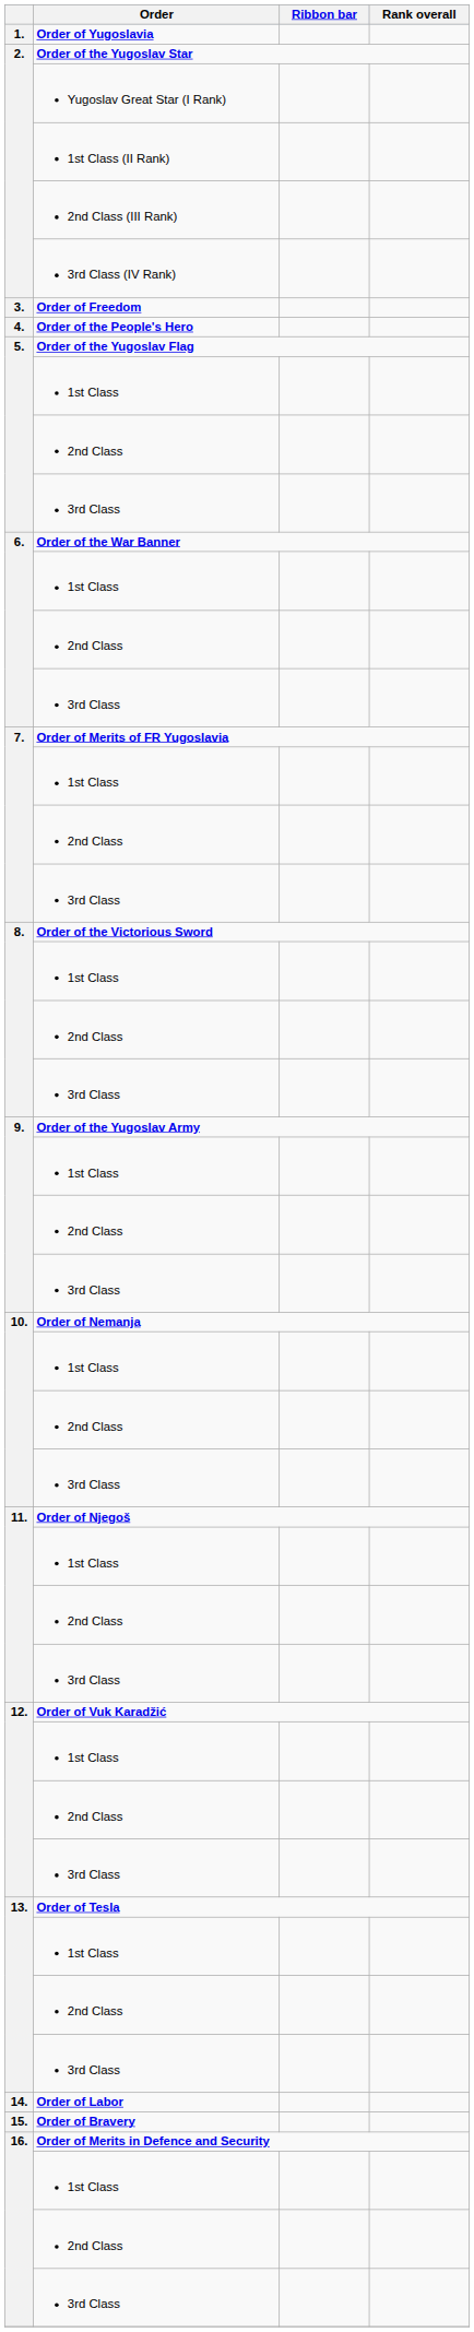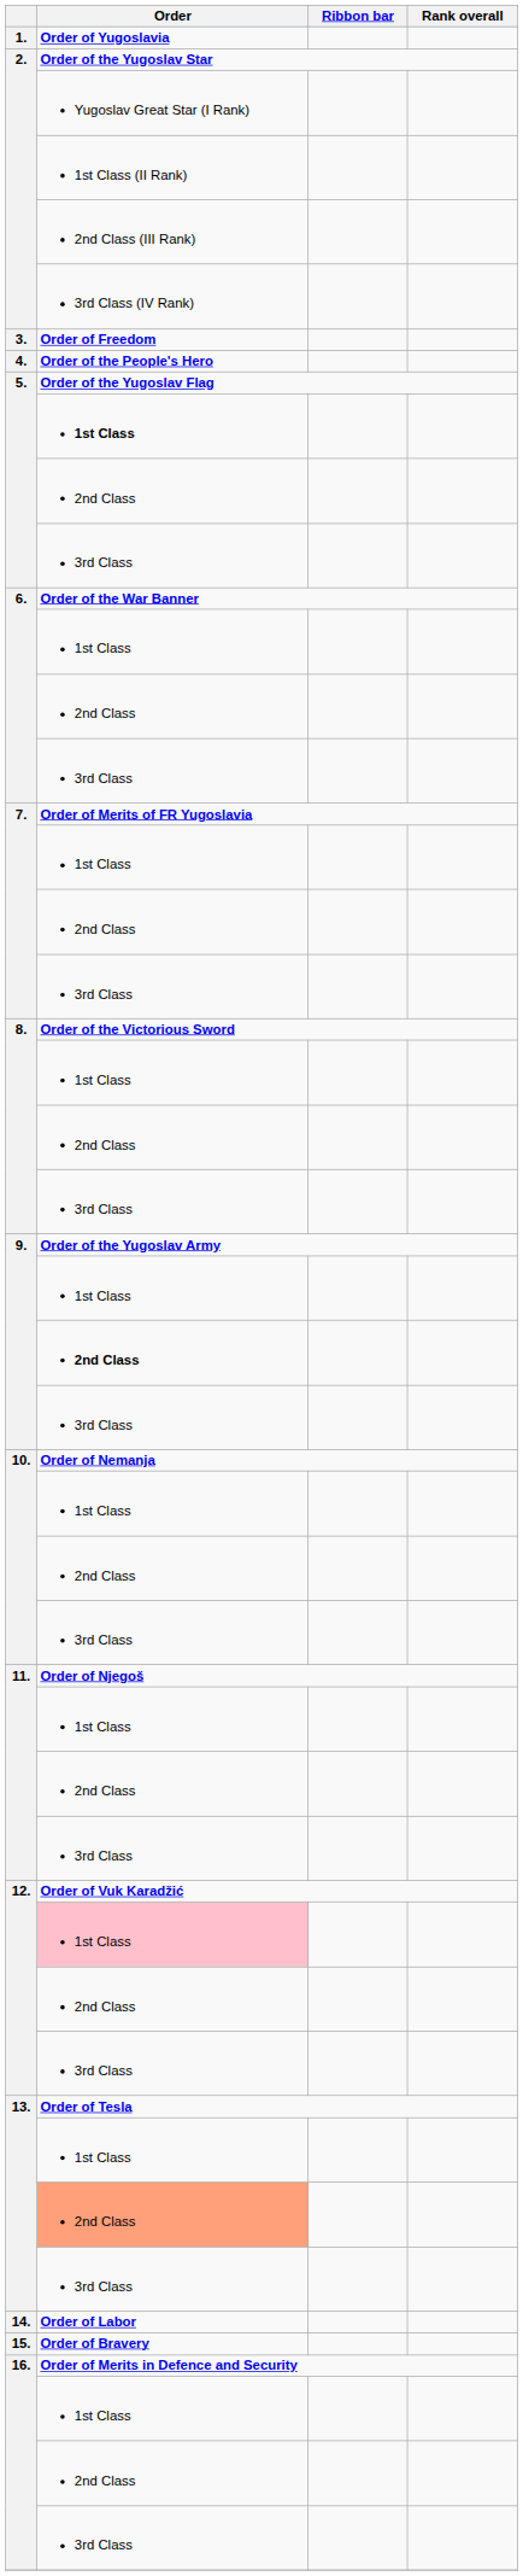 <table class="wikitable" width=600px>
 <tr align="center" bgcolor="lightsteelblue">
 <th></th>
 <th>Order</th>
 <th><a href='#'>Ribbon bar</a></th>
 <th>Rank overall</th>
 </tr>
 <tr>
 <th>1.</th>
 <td><strong><a href='#'>Order of Yugoslavia</a></strong></td>
 <td rowspan="1"></td>
 <td></td>
 </tr>
 <tr>
 <th valign="top" rowspan = 5>2.</th>
 <td colspan="3" valign="top"><strong><a href='#'>Order of the Yugoslav Star</a></strong></td>
 </tr>
 <tr f>
 <td><br><ul><li>Yugoslav Great Star (I Rank)</li></ul></td>
 <td rowspan="1"></td>
 <td></td>
 </tr>
 <tr>
 <td><br><ul><li>1st Class (II Rank)</li></ul></td>
 <td></td>
 <td></td>
 </tr>
 <tr>
 <td><br><ul><li>2nd Class (III Rank)</li></ul></td>
 <td></td>
 <td></td>
 </tr>
 <tr>
 <td><br><ul><li>3rd Class (IV Rank)</li></ul></td>
 <td></td>
 <td></td>
 </tr>
 <tr>
 <th valign="top">3.</th>
 <td valign="top"><strong><a href='#'>Order of Freedom</a></strong></td>
 <td></td>
 <td></td>
 </tr>
 <tr>
 <th valign="top">4.</th>
 <td valign="top"><strong><a href='#'>Order of the People's Hero</a></strong></td>
 <td></td>
 <td></td>
 </tr>
 <tr>
 <th valign="top" rowspan = 4>5.</th>
 <td colspan="3" valign="top"><strong><a href='#'>Order of the Yugoslav Flag</a></strong></td>
 </tr>
 <tr>
-<td><br><ul><li>1st Class</li></ul></td>
+<td><strong><br><ul><li>1st Class</li></ul></strong></td>
 <td></td>
 <td></td>
 </tr>
 <tr>
 <td><br><ul><li>2nd Class</li></ul></td>
 <td></td>
 <td></td>
 </tr>
 <tr>
 <td><br><ul><li>3rd Class</li></ul></td>
 <td></td>
 <td></td>
 </tr>
 <tr>
 <th valign="top" rowspan = 4>6.</th>
 <td colspan="3" valign="top"><strong><a href='#'>Order of the War Banner</a></strong></td>
 </tr>
 <tr>
 <td><br><ul><li>1st Class</li></ul></td>
 <td></td>
 <td></td>
 </tr>
 <tr>
 <td><br><ul><li>2nd Class</li></ul></td>
 <td></td>
 <td></td>
 </tr>
 <tr>
 <td><br><ul><li>3rd Class</li></ul></td>
 <td></td>
 <td></td>
 </tr>
 <tr>
 <th valign="top" rowspan = 4>7.</th>
 <td colspan="3" valign="top"><strong><a href='#'>Order of Merits of FR Yugoslavia</a></strong></td>
 </tr>
 <tr>
 <td><br><ul><li>1st Class</li></ul></td>
 <td></td>
 <td></td>
 </tr>
 <tr>
 <td><br><ul><li>2nd Class</li></ul></td>
 <td></td>
 <td></td>
 </tr>
 <tr>
 <td><br><ul><li>3rd Class</li></ul></td>
 <td></td>
 <td></td>
 </tr>
 <tr>
 <th valign="top" rowspan = 4>8.</th>
 <td colspan="3" valign="top"><strong><a href='#'>Order of the Victorious Sword</a></strong></td>
 </tr>
 <tr>
 <td><br><ul><li>1st Class</li></ul></td>
 <td></td>
 <td></td>
 </tr>
 <tr>
 <td><br><ul><li>2nd Class</li></ul></td>
 <td></td>
 <td></td>
 </tr>
 <tr>
 <td><br><ul><li>3rd Class</li></ul></td>
 <td></td>
 <td></td>
 </tr>
 <tr>
 <th valign="top" rowspan = 4>9.</th>
 <td colspan="3" valign="top"><strong><a href='#'>Order of the Yugoslav Army</a></strong></td>
 </tr>
 <tr>
 <td><br><ul><li>1st Class</li></ul></td>
 <td></td>
 <td></td>
 </tr>
 <tr>
-<td><br><ul><li>2nd Class</li></ul></td>
+<td><strong><br><ul><li>2nd Class</li></ul></strong></td>
 <td></td>
 <td></td>
 </tr>
 <tr>
 <td><br><ul><li>3rd Class</li></ul></td>
 <td></td>
 <td></td>
 </tr>
 <tr>
 <th valign="top" rowspan = 4>10.</th>
 <td colspan="3" valign="top"><strong><a href='#'>Order of Nemanja</a></strong></td>
 </tr>
 <tr>
 <td><br><ul><li>1st Class</li></ul></td>
 <td></td>
 <td></td>
 </tr>
 <tr>
 <td><br><ul><li>2nd Class</li></ul></td>
 <td></td>
 <td></td>
 </tr>
 <tr>
 <td><br><ul><li>3rd Class</li></ul></td>
 <td></td>
 <td></td>
 </tr>
 <tr>
 <th valign="top" rowspan = 4>11.</th>
 <td colspan="3" valign="top"><strong><a href='#'>Order of Njegoš</a></strong></td>
 </tr>
 <tr>
 <td><br><ul><li>1st Class</li></ul></td>
 <td></td>
 <td></td>
 </tr>
 <tr>
 <td><br><ul><li>2nd Class</li></ul></td>
 <td></td>
 <td></td>
 </tr>
 <tr>
 <td><br><ul><li>3rd Class</li></ul></td>
 <td></td>
 <td></td>
 </tr>
 <tr>
 <th valign="top" rowspan = 4>12.</th>
 <td colspan="3" valign="top"><strong><a href='#'>Order of Vuk Karadžić</a></strong></td>
 </tr>
 <tr>
-<td><br><ul><li>1st Class</li></ul></td>
+<td style="background: pink;"><br><ul><li>1st Class</li></ul></td>
 <td></td>
 <td></td>
 </tr>
 <tr>
 <td><br><ul><li>2nd Class</li></ul></td>
 <td></td>
 <td></td>
 </tr>
 <tr>
 <td><br><ul><li>3rd Class</li></ul></td>
 <td></td>
 <td></td>
 </tr>
 <tr>
 <th valign="top" rowspan = 4>13.</th>
 <td colspan="3" valign="top"><strong><a href='#'>Order of Tesla</a></strong></td>
 </tr>
 <tr>
 <td><br><ul><li>1st Class</li></ul></td>
 <td></td>
 <td></td>
 </tr>
 <tr>
-<td><br><ul><li>2nd Class</li></ul></td>
+<td style="background: lightsalmon;"><br><ul><li>2nd Class</li></ul></td>
 <td></td>
 <td></td>
 </tr>
 <tr>
 <td><br><ul><li>3rd Class</li></ul></td>
 <td></td>
 <td></td>
 </tr>
 <tr>
 <th valign="top">14.</th>
 <td valign="top"><strong><a href='#'>Order of Labor</a></strong></td>
 <td></td>
 <td></td>
 </tr>
 <tr>
 <th valign="top">15.</th>
 <td valign="top"><strong><a href='#'>Order of Bravery</a></strong></td>
 <td></td>
 <td></td>
 </tr>
 <tr>
 <th valign="top" rowspan = 4>16.</th>
 <td colspan="3" valign="top"><strong><a href='#'>Order of Merits in Defence and Security</a></strong></td>
 </tr>
 <tr>
 <td><br><ul><li>1st Class</li></ul></td>
 <td></td>
 <td></td>
 </tr>
 <tr>
 <td><br><ul><li>2nd Class</li></ul></td>
 <td></td>
 <td></td>
 </tr>
 <tr>
 <td><br><ul><li>3rd Class</li></ul></td>
 <td></td>
 <td></td>
 </tr>
 <tr>
 </tr>
 </table>
